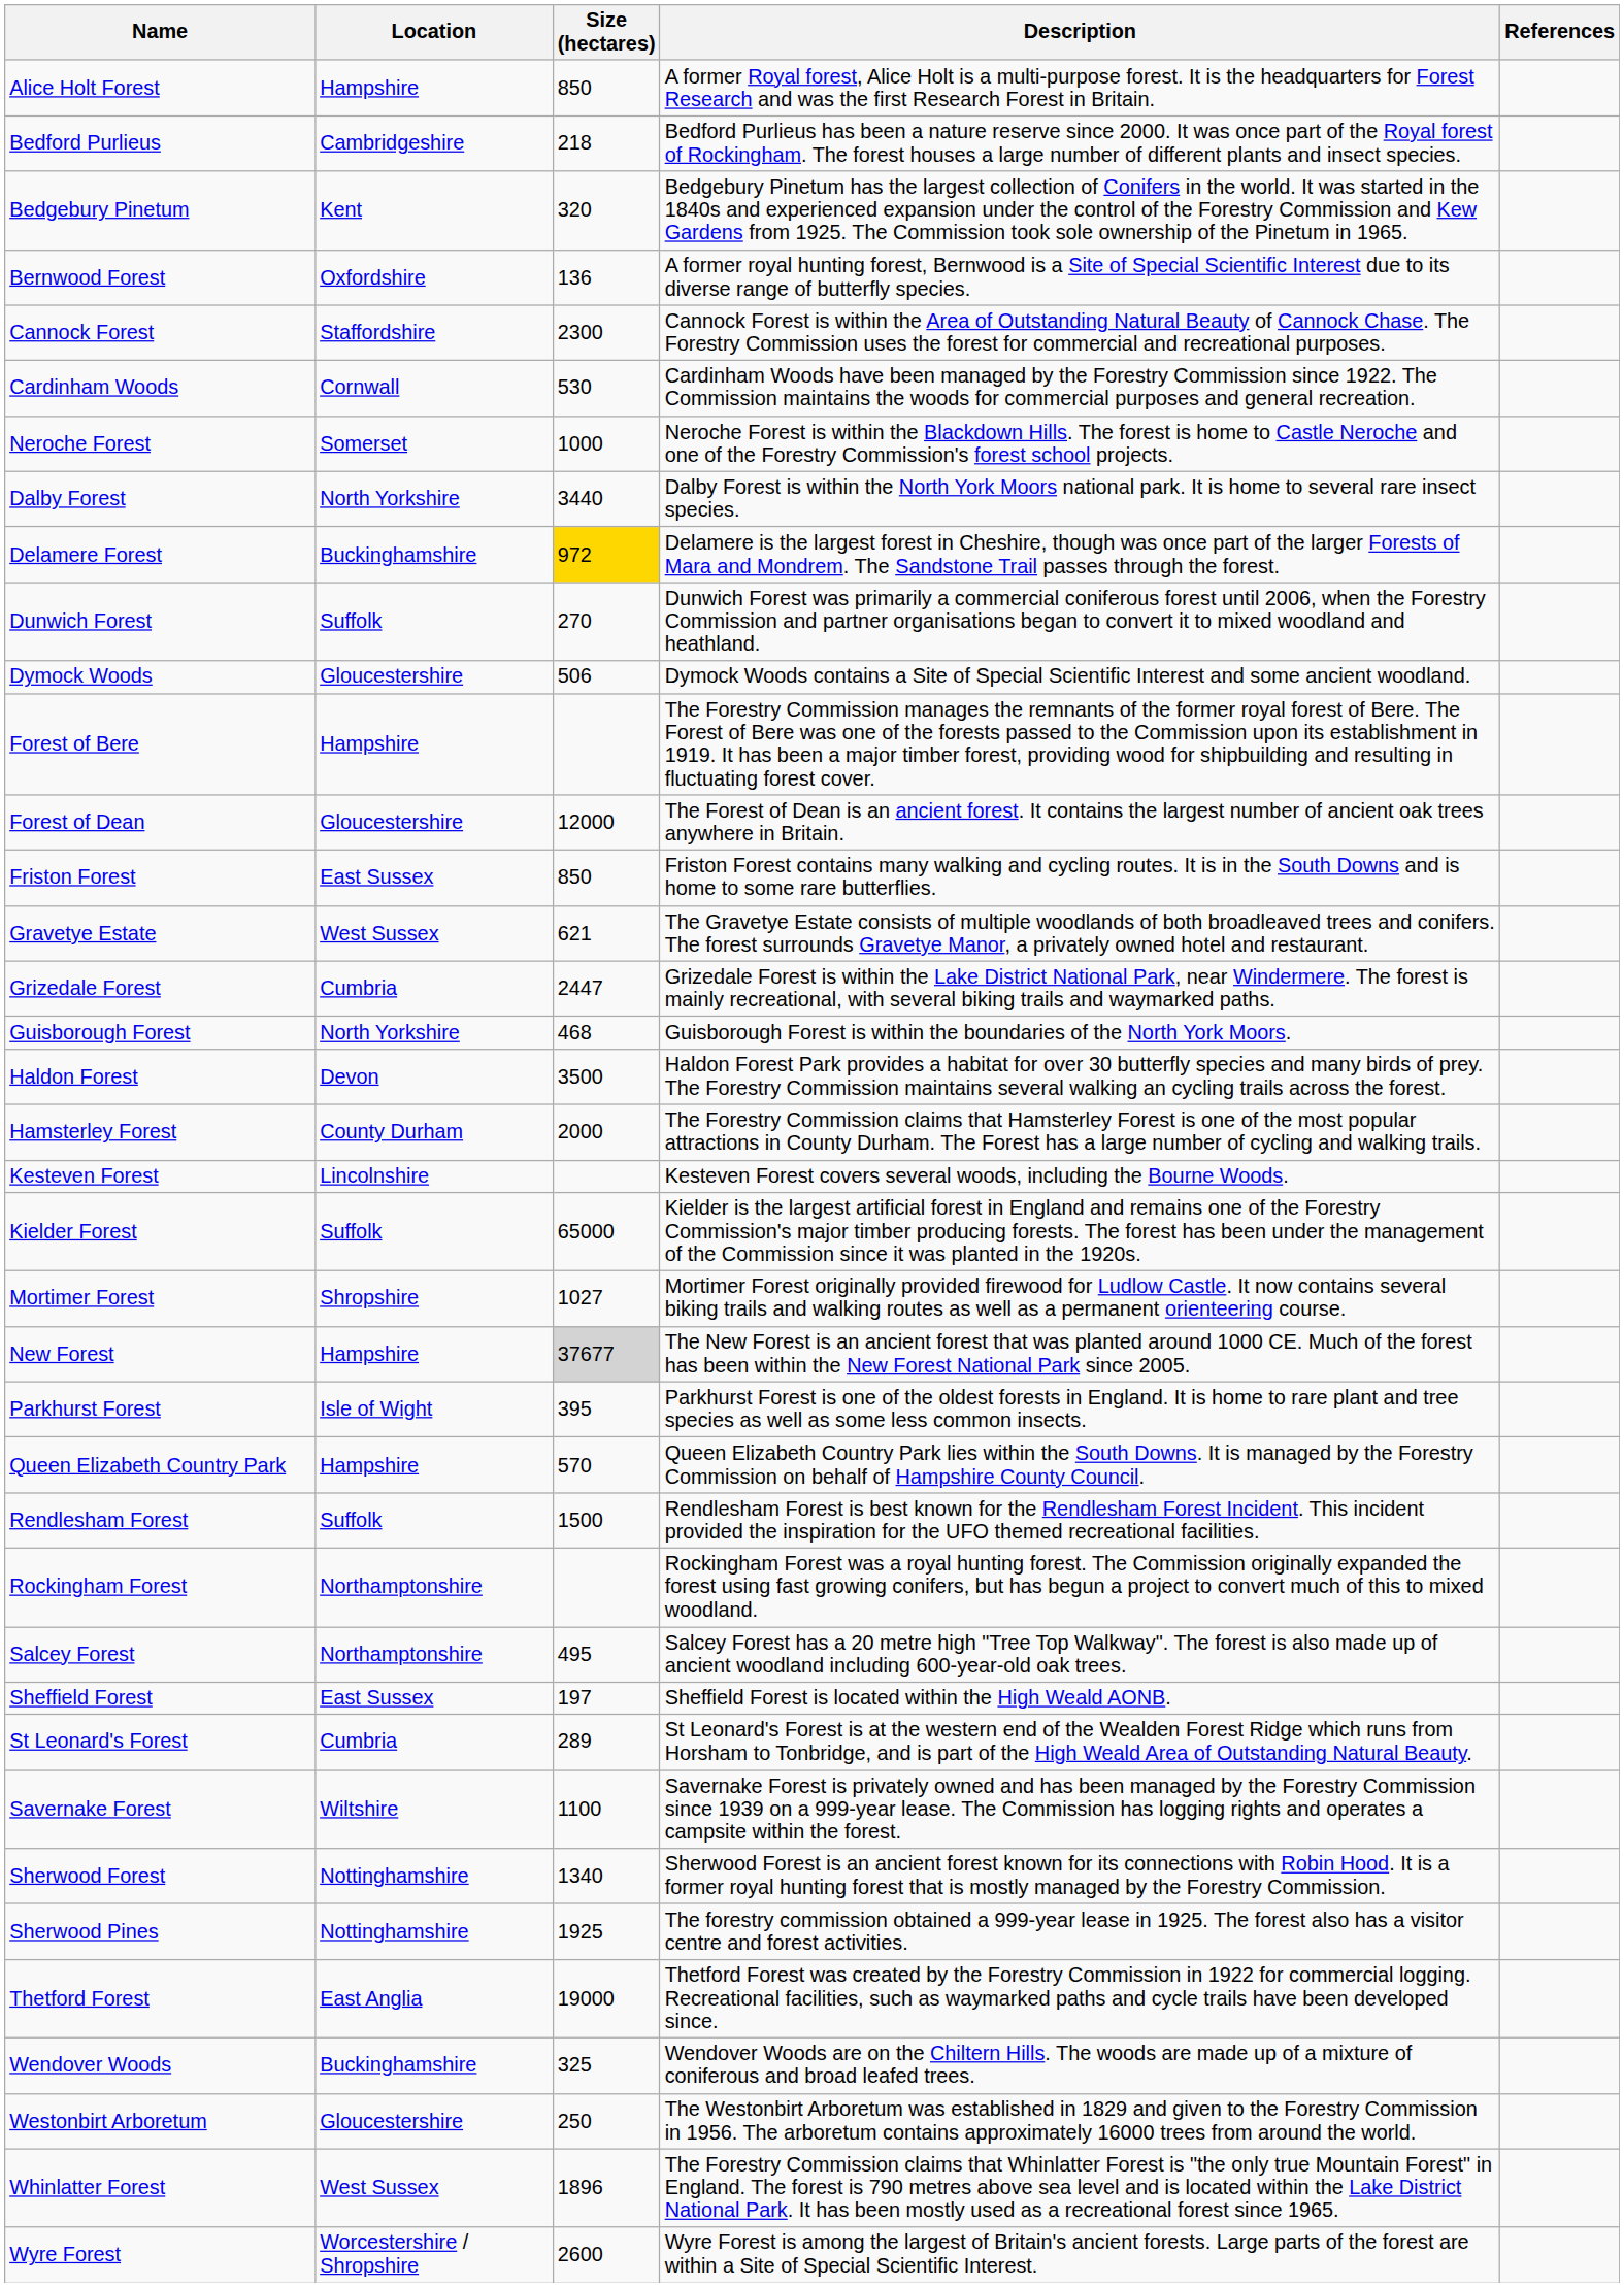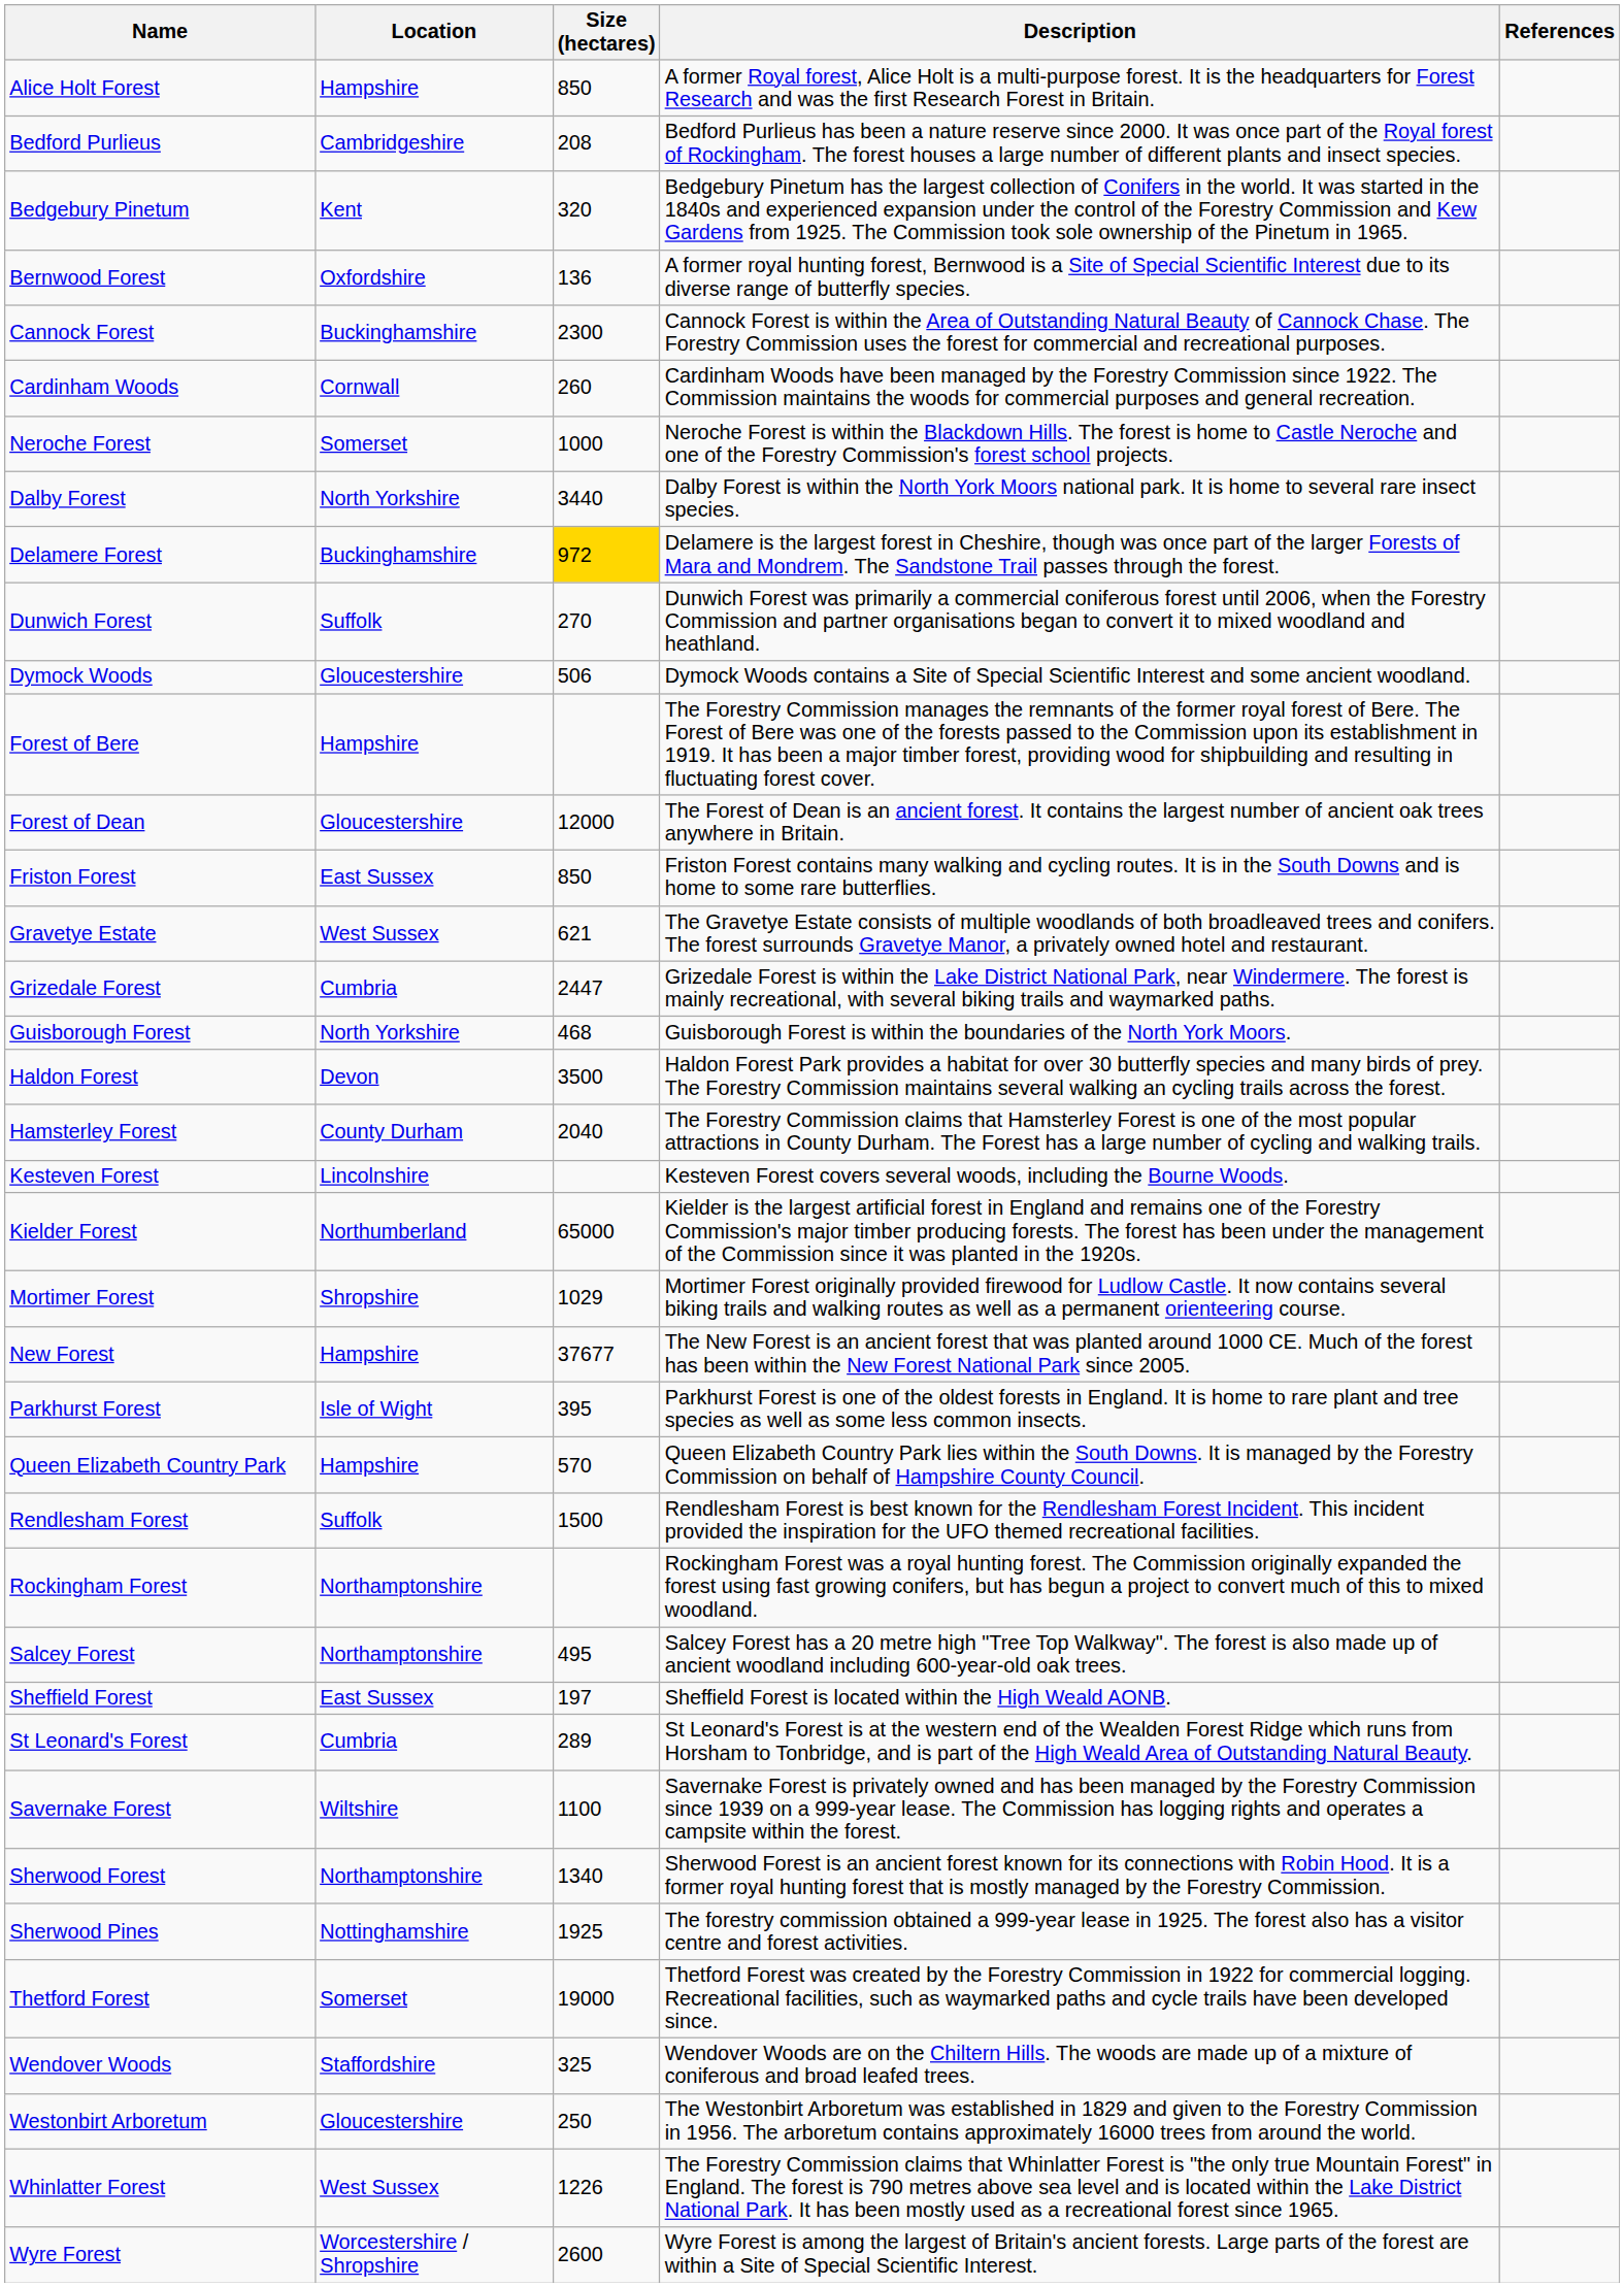 <table class="wikitable sortable" style="width:100%">
 <tr>
 <th scope="col" width="20%">Name</th>
 <th scope="col" width="15%">Location</th>
 <th scope="col" width="5%">Size (hectares)</th>
 <th scope="col" width="55%">Description</th>
 <th scope="col" width="5%">References</th>
 </tr>
 <tr>
 <td><a href='#'>Alice Holt Forest</a></td>
 <td><a href='#'>Hampshire</a></td>
 <td>850</td>
 <td>A former <a href='#'>Royal forest</a>, Alice Holt is a multi-purpose forest. It is the headquarters for <a href='#'>Forest Research</a> and was the first Research Forest in Britain.</td>
 <td></td>
 </tr>
 <tr>
 <td><a href='#'>Bedford Purlieus</a></td>
 <td><a href='#'>Cambridgeshire</a></td>
-<td>218</td>
+<td>208</td>
 <td>Bedford Purlieus has been a nature reserve since 2000. It was once part of the <a href='#'>Royal forest of Rockingham</a>. The forest houses a large number of different plants and insect species.</td>
 <td></td>
 </tr>
 <tr>
 <td><a href='#'>Bedgebury Pinetum</a></td>
 <td><a href='#'>Kent</a></td>
 <td>320</td>
 <td>Bedgebury Pinetum has the largest collection of <a href='#'>Conifers</a> in the world. It was started in the 1840s and experienced expansion under the control of the Forestry Commission and <a href='#'>Kew Gardens</a> from 1925. The Commission took sole ownership of the Pinetum in 1965.</td>
 <td></td>
 </tr>
 <tr>
 <td><a href='#'>Bernwood Forest</a></td>
 <td><a href='#'>Oxfordshire</a></td>
 <td>136</td>
 <td>A former royal hunting forest, Bernwood is a <a href='#'>Site of Special Scientific Interest</a> due to its diverse range of butterfly species.</td>
 <td></td>
 </tr>
 <tr>
 <td><a href='#'>Cannock Forest</a></td>
-<td><a href='#'>Staffordshire</a></td>
+<td><a href='#'>Buckinghamshire</a></td>
 <td>2300</td>
 <td>Cannock Forest is within the <a href='#'>Area of Outstanding Natural Beauty</a> of <a href='#'>Cannock Chase</a>. The Forestry Commission uses the forest for commercial and recreational purposes.</td>
 <td></td>
 </tr>
 <tr>
 <td><a href='#'>Cardinham Woods</a></td>
 <td><a href='#'>Cornwall</a></td>
-<td>530</td>
+<td>260</td>
 <td>Cardinham Woods have been managed by the Forestry Commission since 1922. The Commission maintains the woods for commercial purposes and general recreation.</td>
 <td></td>
 </tr>
 <tr>
 <td><a href='#'>Neroche Forest</a></td>
 <td><a href='#'>Somerset</a></td>
 <td>1000</td>
 <td>Neroche Forest is within the <a href='#'>Blackdown Hills</a>. The forest is home to <a href='#'>Castle Neroche</a> and one of the Forestry Commission's <a href='#'>forest school</a> projects.</td>
 <td></td>
 </tr>
 <tr>
 <td><a href='#'>Dalby Forest</a></td>
 <td><a href='#'>North Yorkshire</a></td>
 <td>3440</td>
 <td>Dalby Forest is within the <a href='#'>North York Moors</a> national park. It is home to several rare insect species.</td>
 <td></td>
 </tr>
 <tr>
 <td><a href='#'>Delamere Forest</a></td>
 <td><a href='#'>Buckinghamshire</a></td>
 <td style="background: gold;">972</td>
 <td>Delamere is the largest forest in Cheshire, though was once part of the larger <a href='#'>Forests of Mara and Mondrem</a>. The <a href='#'>Sandstone Trail</a> passes through the forest.</td>
 <td></td>
 </tr>
 <tr>
 <td><a href='#'>Dunwich Forest</a></td>
 <td><a href='#'>Suffolk</a></td>
 <td>270</td>
 <td>Dunwich Forest was primarily a commercial coniferous forest until 2006, when the Forestry Commission and partner organisations began to convert it to mixed woodland and heathland.</td>
 <td></td>
 </tr>
 <tr>
 <td><a href='#'>Dymock Woods</a></td>
 <td><a href='#'>Gloucestershire</a></td>
 <td>506</td>
 <td>Dymock Woods contains a Site of Special Scientific Interest and some ancient woodland.</td>
 <td></td>
 </tr>
 <tr>
 <td><a href='#'>Forest of Bere</a></td>
 <td><a href='#'>Hampshire</a></td>
 <td></td>
 <td>The Forestry Commission manages the remnants of the former royal forest of Bere. The Forest of Bere was one of the forests passed to the Commission upon its establishment in 1919. It has been a major timber forest, providing wood for shipbuilding and resulting in fluctuating forest cover.</td>
 <td></td>
 </tr>
 <tr>
 <td><a href='#'>Forest of Dean</a></td>
 <td><a href='#'>Gloucestershire</a></td>
 <td>12000</td>
 <td>The Forest of Dean is an <a href='#'>ancient forest</a>. It contains the largest number of ancient oak trees anywhere in Britain.</td>
 <td></td>
 </tr>
 <tr>
 <td><a href='#'>Friston Forest</a></td>
 <td><a href='#'>East Sussex</a></td>
 <td>850</td>
 <td>Friston Forest contains many walking and cycling routes. It is in the <a href='#'>South Downs</a> and is home to some rare butterflies.</td>
 <td></td>
 </tr>
 <tr>
 <td><a href='#'>Gravetye Estate</a></td>
 <td><a href='#'>West Sussex</a></td>
 <td>621</td>
 <td>The Gravetye Estate consists of multiple woodlands of both broadleaved trees and conifers. The forest surrounds <a href='#'>Gravetye Manor</a>, a privately owned hotel and restaurant.</td>
 <td></td>
 </tr>
 <tr>
 <td><a href='#'>Grizedale Forest</a></td>
 <td><a href='#'>Cumbria</a></td>
 <td>2447</td>
 <td>Grizedale Forest is within the <a href='#'>Lake District National Park</a>, near <a href='#'>Windermere</a>. The forest is mainly recreational, with several biking trails and waymarked paths.</td>
 <td></td>
 </tr>
 <tr>
 <td><a href='#'>Guisborough Forest</a></td>
 <td><a href='#'>North Yorkshire</a></td>
 <td>468</td>
 <td>Guisborough Forest is within the boundaries of the <a href='#'>North York Moors</a>.</td>
 <td></td>
 </tr>
 <tr>
 <td><a href='#'>Haldon Forest</a></td>
 <td><a href='#'>Devon</a></td>
 <td>3500</td>
 <td>Haldon Forest Park provides a habitat for over 30 butterfly species and many birds of prey. The Forestry Commission maintains several walking an cycling trails across the forest.</td>
 <td></td>
 </tr>
 <tr>
 <td><a href='#'>Hamsterley Forest</a></td>
 <td><a href='#'>County Durham</a></td>
-<td>2000</td>
+<td>2040</td>
 <td>The Forestry Commission claims that Hamsterley Forest is one of the most popular attractions in County Durham. The Forest has a large number of cycling and walking trails.</td>
 <td></td>
 </tr>
 <tr>
 <td><a href='#'>Kesteven Forest</a></td>
 <td><a href='#'>Lincolnshire</a></td>
 <td></td>
 <td>Kesteven Forest covers several woods, including the <a href='#'>Bourne Woods</a>.</td>
 <td></td>
 </tr>
 <tr>
 <td><a href='#'>Kielder Forest</a></td>
-<td><a href='#'>Suffolk</a></td>
+<td><a href='#'>Northumberland</a></td>
 <td>65000</td>
 <td>Kielder is the largest artificial forest in England and remains one of the Forestry Commission's major timber producing forests. The forest has been under the management of the Commission since it was planted in the 1920s.</td>
 <td></td>
 </tr>
 <tr>
 <td><a href='#'>Mortimer Forest</a></td>
 <td><a href='#'>Shropshire</a></td>
-<td>1027</td>
+<td>1029</td>
 <td>Mortimer Forest originally provided firewood for <a href='#'>Ludlow Castle</a>. It now contains several biking trails and walking routes as well as a permanent <a href='#'>orienteering</a> course.</td>
 <td></td>
 </tr>
 <tr>
 <td><a href='#'>New Forest</a></td>
 <td><a href='#'>Hampshire</a></td>
-<td style="background: lightgrey;">37677</td>
+<td>37677</td>
 <td>The New Forest is an ancient forest that was planted around 1000 CE. Much of the forest has been within the <a href='#'>New Forest National Park</a> since 2005.</td>
 <td></td>
 </tr>
 <tr>
 <td><a href='#'>Parkhurst Forest</a></td>
 <td><a href='#'>Isle of Wight</a></td>
 <td>395</td>
 <td>Parkhurst Forest is one of the oldest forests in England. It is home to rare plant and tree species as well as some less common insects.</td>
 <td></td>
 </tr>
 <tr>
 <td><a href='#'>Queen Elizabeth Country Park</a></td>
 <td><a href='#'>Hampshire</a></td>
 <td>570</td>
 <td>Queen Elizabeth Country Park lies within the <a href='#'>South Downs</a>. It is managed by the Forestry Commission on behalf of <a href='#'>Hampshire County Council</a>.</td>
 <td></td>
 </tr>
 <tr>
 <td><a href='#'>Rendlesham Forest</a></td>
 <td><a href='#'>Suffolk</a></td>
 <td>1500</td>
 <td>Rendlesham Forest is best known for the <a href='#'>Rendlesham Forest Incident</a>. This incident provided the inspiration for the UFO themed recreational facilities.</td>
 <td></td>
 </tr>
 <tr>
 <td><a href='#'>Rockingham Forest</a></td>
 <td><a href='#'>Northamptonshire</a></td>
 <td></td>
 <td>Rockingham Forest was a royal hunting forest. The Commission originally expanded the forest using fast growing conifers, but has begun a project to convert much of this to mixed woodland.</td>
 <td></td>
 </tr>
 <tr>
 <td><a href='#'>Salcey Forest</a></td>
 <td><a href='#'>Northamptonshire</a></td>
 <td>495</td>
 <td>Salcey Forest has a 20 metre high "Tree Top Walkway". The forest is also made up of ancient woodland including 600-year-old oak trees.</td>
 <td></td>
 </tr>
 <tr>
 <td><a href='#'>Sheffield Forest</a></td>
 <td><a href='#'>East Sussex</a></td>
 <td>197</td>
 <td>Sheffield Forest is located within the <a href='#'>High Weald AONB</a>.</td>
 <td></td>
 </tr>
 <tr>
 <td><a href='#'>St Leonard's Forest</a></td>
 <td><a href='#'>Cumbria</a></td>
 <td>289</td>
 <td>St Leonard's Forest is at the western end of the Wealden Forest Ridge which runs from Horsham to Tonbridge, and is part of the <a href='#'>High Weald Area of Outstanding Natural Beauty</a>.</td>
 <td></td>
 </tr>
 <tr>
 <td><a href='#'>Savernake Forest</a></td>
 <td><a href='#'>Wiltshire</a></td>
 <td>1100</td>
 <td>Savernake Forest is privately owned and has been managed by the Forestry Commission since 1939 on a 999-year lease. The Commission has logging rights and operates a campsite within the forest.</td>
 <td></td>
 </tr>
 <tr>
 <td><a href='#'>Sherwood Forest</a></td>
-<td><a href='#'>Nottinghamshire</a></td>
+<td><a href='#'>Northamptonshire</a></td>
 <td>1340</td>
 <td>Sherwood Forest is an ancient forest known for its connections with <a href='#'>Robin Hood</a>. It is a former royal hunting forest that is mostly managed by the Forestry Commission.</td>
 <td></td>
 </tr>
 <tr>
 <td><a href='#'>Sherwood Pines</a></td>
 <td><a href='#'>Nottinghamshire</a></td>
 <td>1925</td>
 <td>The forestry commission obtained a 999-year lease in 1925. The forest also has a visitor centre and forest activities.</td>
 <td></td>
 </tr>
 <tr>
 <td><a href='#'>Thetford Forest</a></td>
-<td><a href='#'>East Anglia</a></td>
+<td><a href='#'>Somerset</a></td>
 <td>19000</td>
 <td>Thetford Forest was created by the Forestry Commission in 1922 for commercial logging. Recreational facilities, such as waymarked paths and cycle trails have been developed since.</td>
 <td></td>
 </tr>
 <tr>
 <td><a href='#'>Wendover Woods</a></td>
-<td><a href='#'>Buckinghamshire</a></td>
+<td><a href='#'>Staffordshire</a></td>
 <td>325</td>
 <td>Wendover Woods are on the <a href='#'>Chiltern Hills</a>. The woods are made up of a mixture of coniferous and broad leafed trees.</td>
 <td></td>
 </tr>
 <tr>
 <td><a href='#'>Westonbirt Arboretum</a></td>
 <td><a href='#'>Gloucestershire</a></td>
 <td>250</td>
 <td>The Westonbirt Arboretum was established in 1829 and given to the Forestry Commission in 1956. The arboretum contains approximately 16000 trees from around the world.</td>
 <td></td>
 </tr>
 <tr>
 <td><a href='#'>Whinlatter Forest</a></td>
 <td><a href='#'>West Sussex</a></td>
-<td>1896</td>
+<td>1226</td>
 <td>The Forestry Commission claims that Whinlatter Forest is "the only true Mountain Forest" in England. The forest is 790 metres above sea level and is located within the <a href='#'>Lake District National Park</a>. It has been mostly used as a recreational forest since 1965.</td>
 <td></td>
 </tr>
 <tr>
 <td><a href='#'>Wyre Forest</a></td>
 <td><a href='#'>Worcestershire</a> / <a href='#'>Shropshire</a></td>
 <td>2600</td>
 <td>Wyre Forest is among the largest of Britain's ancient forests. Large parts of the forest are within a Site of Special Scientific Interest.</td>
 <td></td>
 </tr>
 </table>
